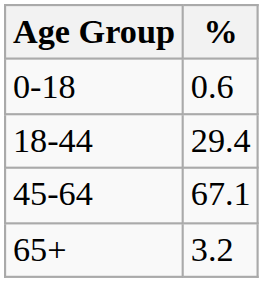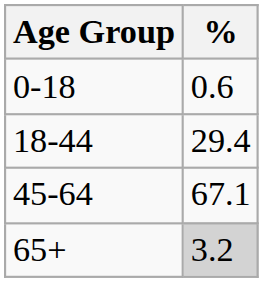 <table class="wikitable">
 <tr>
 <th>Age Group</th>
 <th>%</th>
 </tr>
 <tr>
 <td>0-18</td>
 <td>0.6</td>
 </tr>
 <tr>
 <td>18-44</td>
 <td>29.4</td>
 </tr>
 <tr>
 <td>45-64</td>
 <td>67.1</td>
 </tr>
 <tr>
 <td>65+</td>
-<td>3.2</td>
+<td style="background: lightgrey;">3.2</td>
 </tr>
 </table>
